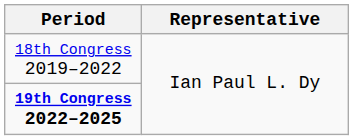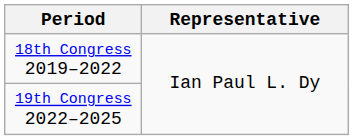 <table class="wikitable" style="text-align:center; width:40%;">
 <tr>
 <th width="40%">Period</th>
 <th>Representative</th>
 </tr>
 <tr>
 <td><small><a href='#'>18th Congress</a></small><br>2019–2022</td>
 <td rowspan="2">Ian Paul L. Dy</td>
 </tr>
 <tr>
-<td><strong><small><a href='#'>19th Congress</a></small><br>2022–2025</strong></td>
+<td><small><a href='#'>19th Congress</a></small><br>2022–2025</td>
 </tr>
 </table>
